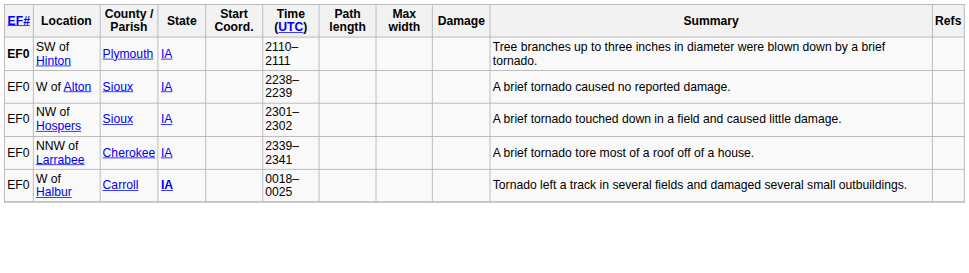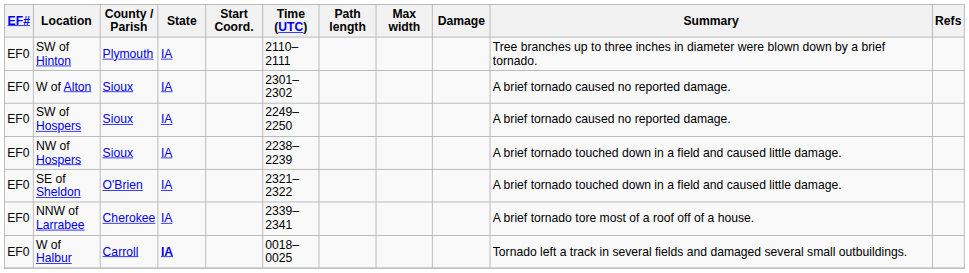 <table class="wikitable sortable" style="width:100%;">
 <tr>
 <th scope="col" width="3%" align="center"><a href='#'>EF#</a></th>
 <th scope="col" width="7%" align="center" class="unsortable">Location</th>
 <th scope="col" width="6%" align="center" class="unsortable">County / Parish</th>
 <th scope="col" width="5%" align="center">State</th>
 <th scope="col" width="6%" align="center">Start Coord.</th>
 <th scope="col" width="6%" align="center">Time (<a href='#'>UTC</a>)</th>
 <th scope="col" width="6%" align="center">Path length</th>
 <th scope="col" width="6%" align="center">Max width</th>
 <th scope="col" width="6%" align="center">Damage</th>
 <th scope="col" width="48%" class="unsortable" align="center">Summary</th>
 <th scope="col" width="48%" class="unsortable" align="center">Refs</th>
 </tr>
 <tr>
-<td><strong>EF0</strong></td>
+<td>EF0</td>
 <td>SW of <a href='#'>Hinton</a></td>
 <td><a href='#'>Plymouth</a></td>
 <td><a href='#'>IA</a></td>
 <td></td>
 <td>2110–2111</td>
 <td></td>
 <td></td>
 <td></td>
 <td>Tree branches up to three inches in diameter were blown down by a brief tornado.</td>
 <td></td>
 </tr>
 <tr>
 <td>EF0</td>
 <td>W of <a href='#'>Alton</a></td>
 <td><a href='#'>Sioux</a></td>
 <td><a href='#'>IA</a></td>
 <td></td>
-<td>2238–2239</td>
+<td>2301–2302</td>
+<td></td>
+<td></td>
+<td></td>
+<td>A brief tornado caused no reported damage.</td>
+<td></td>
+</tr>
+<tr>
+<td>EF0</td>
+<td>SW of <a href='#'>Hospers</a></td>
+<td><a href='#'>Sioux</a></td>
+<td><a href='#'>IA</a></td>
+<td></td>
+<td>2249–2250</td>
 <td></td>
 <td></td>
 <td></td>
 <td>A brief tornado caused no reported damage.</td>
 <td></td>
 </tr>
 <tr>
 <td>EF0</td>
 <td>NW of <a href='#'>Hospers</a></td>
 <td><a href='#'>Sioux</a></td>
 <td><a href='#'>IA</a></td>
 <td></td>
-<td>2301–2302</td>
+<td>2238–2239</td>
+<td></td>
+<td></td>
+<td></td>
+<td>A brief tornado touched down in a field and caused little damage.</td>
+<td></td>
+</tr>
+<tr>
+<td>EF0</td>
+<td>SE of <a href='#'>Sheldon</a></td>
+<td><a href='#'>O'Brien</a></td>
+<td><a href='#'>IA</a></td>
+<td></td>
+<td>2321–2322</td>
 <td></td>
 <td></td>
 <td></td>
 <td>A brief tornado touched down in a field and caused little damage.</td>
 <td></td>
 </tr>
 <tr>
 <td>EF0</td>
 <td>NNW of <a href='#'>Larrabee</a></td>
 <td><a href='#'>Cherokee</a></td>
 <td><a href='#'>IA</a></td>
 <td></td>
 <td>2339–2341</td>
 <td></td>
 <td></td>
 <td></td>
 <td>A brief tornado tore most of a roof off of a house.</td>
 <td></td>
 </tr>
 <tr>
 <td>EF0</td>
 <td>W of <a href='#'>Halbur</a></td>
 <td><a href='#'>Carroll</a></td>
 <td><strong><a href='#'>IA</a></strong></td>
 <td></td>
 <td>0018–0025</td>
 <td></td>
 <td></td>
 <td></td>
 <td>Tornado left a track in several fields and damaged several small outbuildings.</td>
 <td></td>
 </tr>
 <tr>
 </tr>
 </table>
